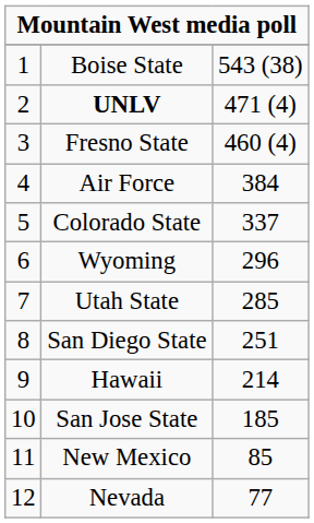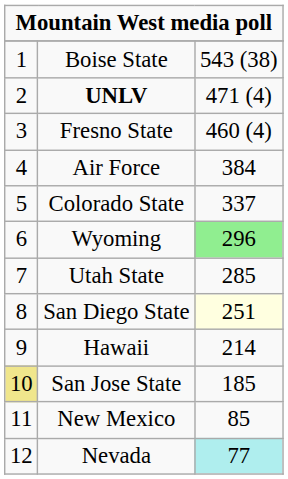 <table class="wikitable" style="display: inline-table;">
 <tr>
 <td align="center" Colspan="3"><strong>Mountain West media poll</strong></td>
 </tr>
 <tr align="center">
 </tr>
 <tr align="center">
 <td>1</td>
 <td>Boise State</td>
 <td>543 (38)</td>
 </tr>
 <tr align="center">
 <td>2</td>
 <td><strong>UNLV</strong></td>
 <td>471 (4)</td>
 </tr>
 <tr align="center">
 <td>3</td>
 <td>Fresno State</td>
 <td>460 (4)</td>
 </tr>
 <tr align="center">
 <td>4</td>
 <td>Air Force</td>
 <td>384</td>
 </tr>
 <tr align="center">
 <td>5</td>
 <td>Colorado State</td>
 <td>337</td>
 </tr>
 <tr align="center">
 <td>6</td>
 <td>Wyoming</td>
-<td>296</td>
+<td style="background: lightgreen;">296</td>
 </tr>
 <tr align="center">
 <td>7</td>
 <td>Utah State</td>
 <td>285</td>
 </tr>
 <tr align="center">
 <td>8</td>
 <td>San Diego State</td>
-<td>251</td>
+<td style="background: lightyellow;">251</td>
 </tr>
 <tr align="center">
 <td>9</td>
 <td>Hawaii</td>
 <td>214</td>
 </tr>
 <tr align="center">
-<td>10</td>
+<td style="background: khaki;">10</td>
 <td>San Jose State</td>
 <td>185</td>
 </tr>
 <tr align="center">
 <td>11</td>
 <td>New Mexico</td>
 <td>85</td>
 </tr>
 <tr align="center">
 <td>12</td>
 <td>Nevada</td>
-<td>77</td>
+<td style="background: paleturquoise;">77</td>
 </tr>
 </table>
